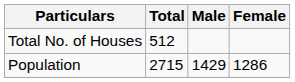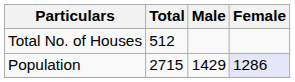 <table class="wikitable sortable">
 <tr>
 <th>Particulars</th>
 <th>Total</th>
 <th>Male</th>
 <th>Female</th>
 </tr>
 <tr>
 <td>Total No. of Houses</td>
 <td>512</td>
 <td></td>
 <td></td>
 </tr>
 <tr>
 <td>Population</td>
 <td>2715</td>
 <td>1429</td>
-<td>1286</td>
+<td style="background: lavender;">1286</td>
 </tr>
 <tr>
 </tr>
 </table>
